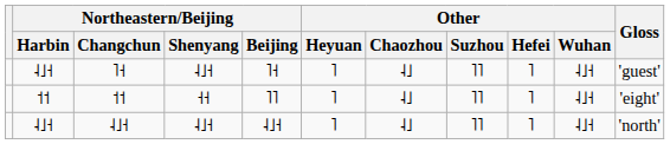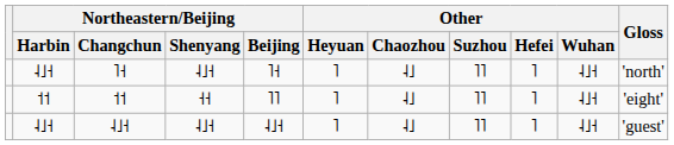 <table class="wikitable" style="text-align: center">
 <tr>
 <th rowspan=2></th>
 <th colspan=4>Northeastern/Beijing</th>
 <th colspan=5>Other</th>
 <th rowspan=2>Gloss</th>
 </tr>
 <tr>
 <th>Harbin</th>
 <th>Changchun</th>
 <th>Shenyang</th>
 <th>Beijing</th>
 <th>Heyuan</th>
 <th>Chaozhou</th>
 <th>Suzhou</th>
 <th>Hefei</th>
 <th>Wuhan</th>
 </tr>
 <tr>
 <td></td>
 <td>˨˩˧</td>
 <td>˥˧</td>
 <td>˨˩˧</td>
 <td>˥˧</td>
 <td>˥</td>
 <td>˨˩</td>
 <td>˥˥</td>
 <td>˥</td>
 <td>˨˩˧</td>
-<td>'guest'</td>
+<td>'north'</td>
 </tr>
 <tr>
 <td></td>
 <td>˦˦</td>
 <td>˦˦</td>
 <td>˧˧</td>
 <td>˥˥</td>
 <td>˥</td>
 <td>˨˩</td>
 <td>˥˥</td>
 <td>˥</td>
 <td>˨˩˧</td>
 <td>'eight'</td>
 </tr>
 <tr>
 <td></td>
 <td>˨˩˧</td>
 <td>˨˩˧</td>
 <td>˨˩˧</td>
 <td>˨˩˧</td>
 <td>˥</td>
 <td>˨˩</td>
 <td>˥˥</td>
 <td>˥</td>
 <td>˨˩˧</td>
-<td>'north'</td>
+<td>'guest'</td>
 </tr>
 </table>
